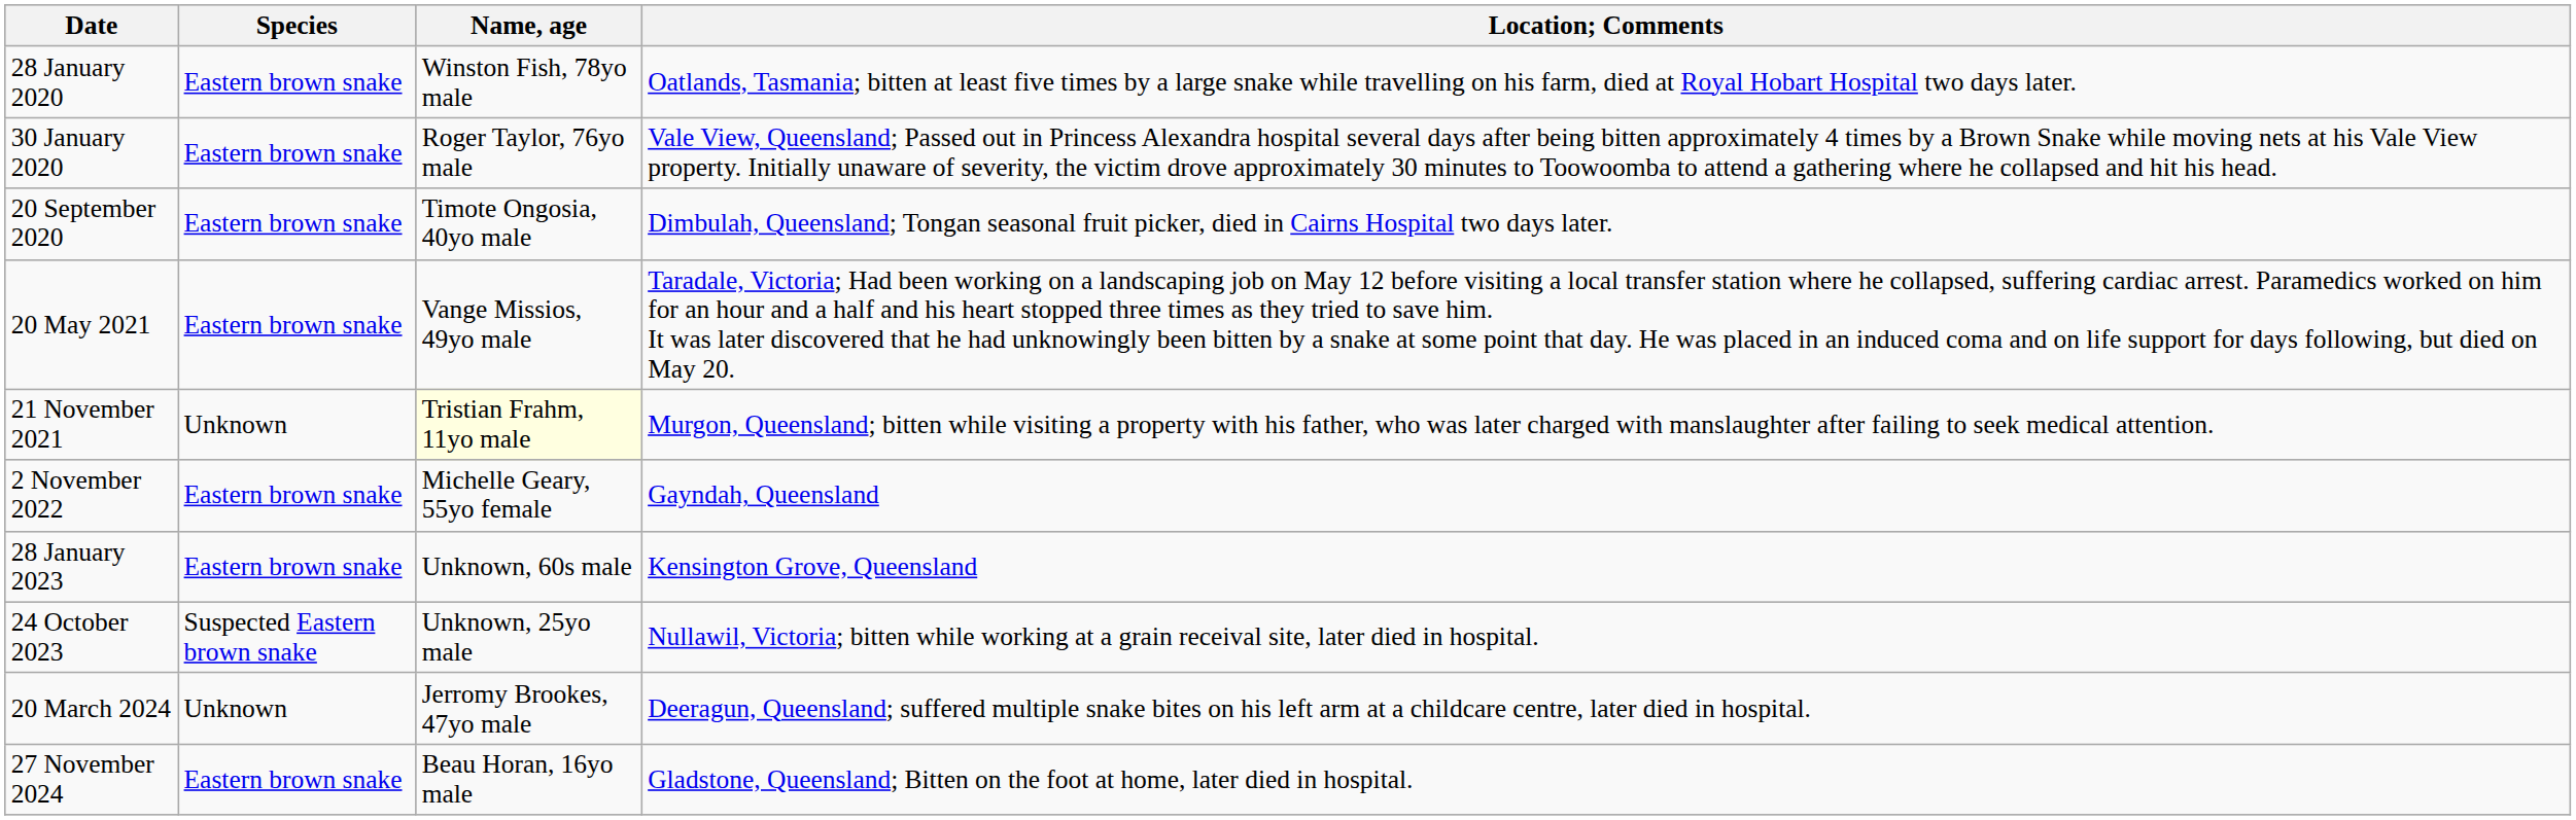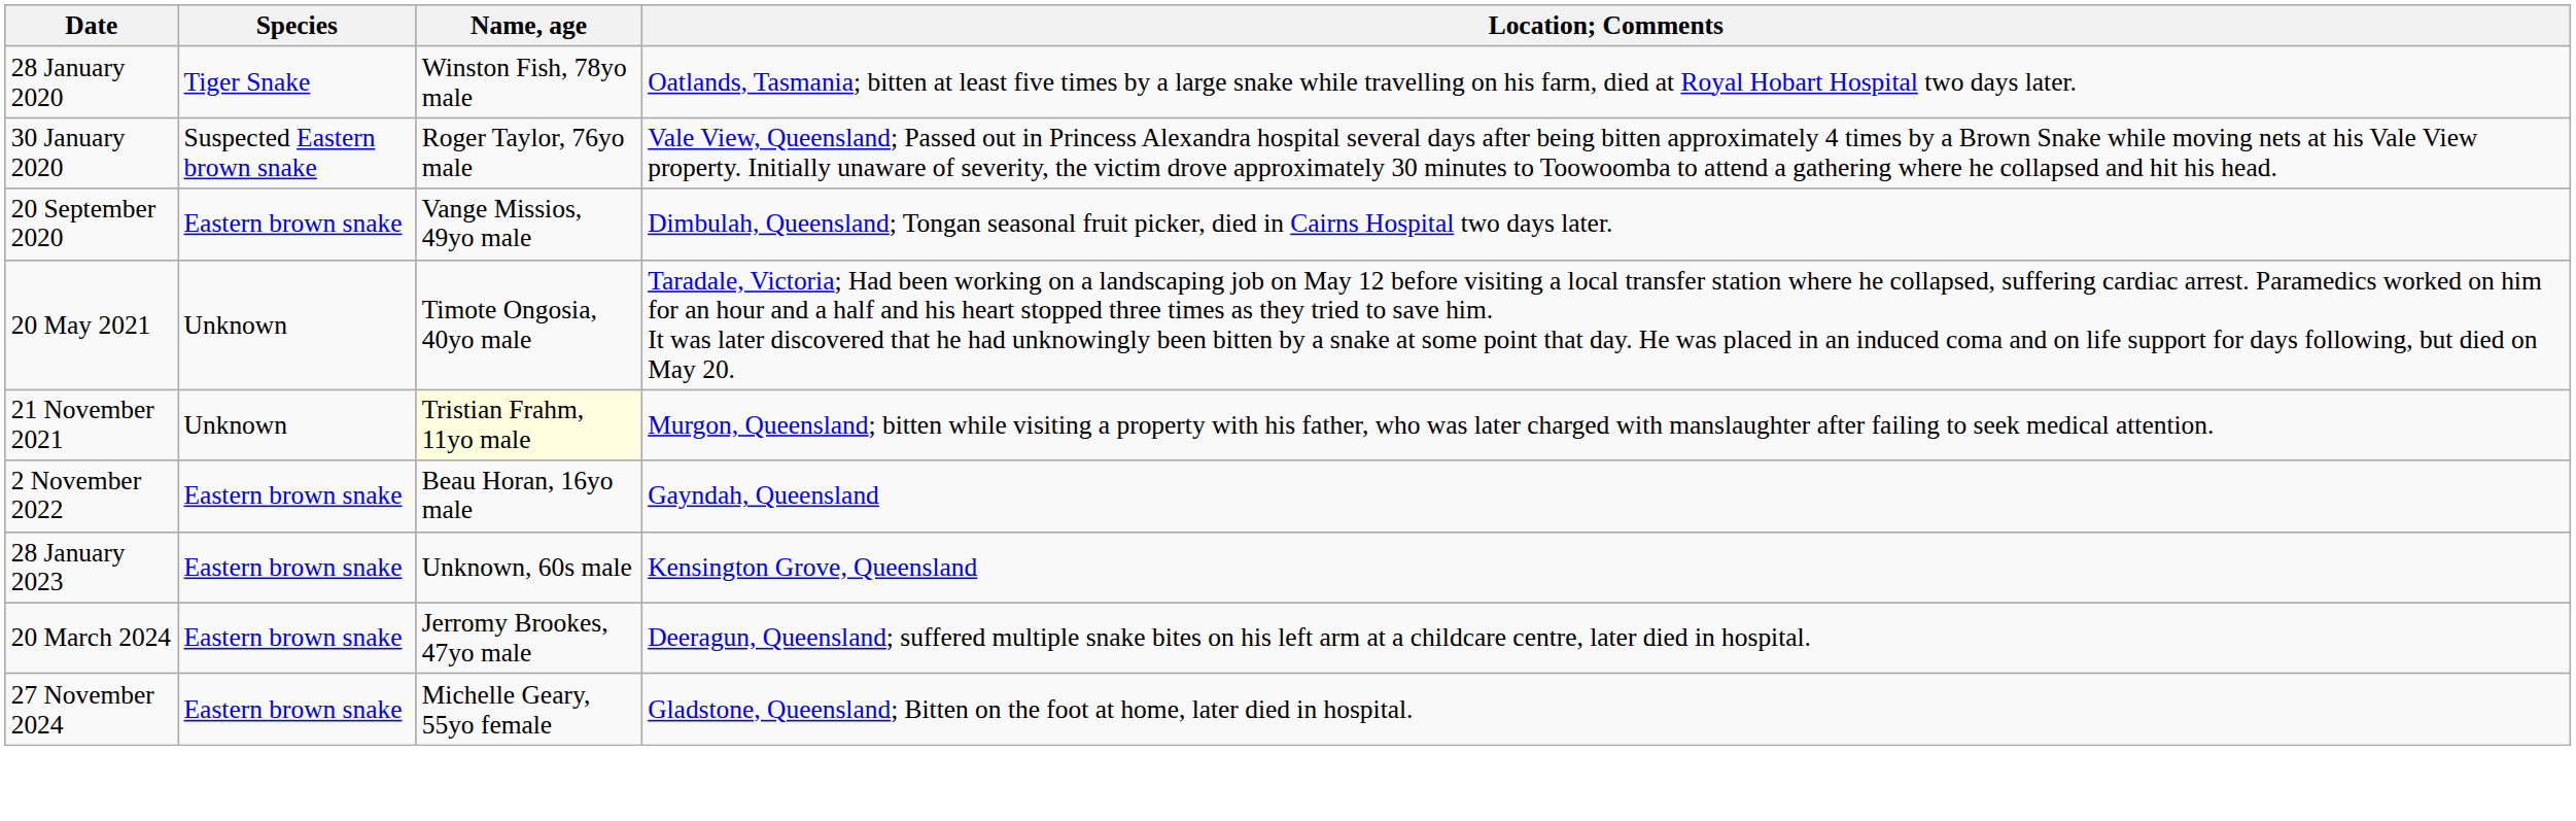 <table class="wikitable sortable">
 <tr>
 <th scope="col">Date</th>
 <th scope="col">Species</th>
 <th scope="col">Name, age</th>
 <th scope="col" class="unsortable">Location; Comments</th>
 </tr>
 <tr>
 <td date-sort-value="2020-01-28">28 January 2020</td>
-<td><a href='#'>Eastern brown snake</a></td>
+<td><a href='#'>Tiger Snake</a></td>
 <td data-sort-value="fish, winston">Winston Fish, 78yo male</td>
 <td><a href='#'>Oatlands, Tasmania</a>; bitten at least five times by a large snake while travelling on his farm, died at <a href='#'>Royal Hobart Hospital</a> two days later.</td>
 </tr>
 <tr>
 <td data-sort-value="2020-01-18">30 January 2020</td>
-<td><a href='#'>Eastern brown snake</a></td>
+<td>Suspected <a href='#'>Eastern brown snake</a></td>
 <td data-sort-value="taylor, roger">Roger Taylor, 76yo male</td>
 <td><a href='#'>Vale View, Queensland</a>;     Passed out  in Princess Alexandra hospital several days after being bitten approximately 4 times by a Brown Snake while moving  nets at his Vale View property.    Initially unaware of severity, the victim drove approximately 30 minutes to Toowoomba to attend a gathering where he collapsed and hit his head.</td>
 </tr>
 <tr>
 <td>20 September 2020</td>
 <td><a href='#'>Eastern brown snake</a></td>
-<td>Timote Ongosia, 40yo male</td>
+<td>Vange Missios, 49yo male</td>
 <td><a href='#'>Dimbulah, Queensland</a>; Tongan seasonal fruit picker, died in <a href='#'>Cairns Hospital</a> two days later.</td>
 </tr>
 <tr>
 <td>20 May 2021</td>
-<td><a href='#'>Eastern brown snake</a></td>
-<td>Vange Missios, 49yo male</td>
+<td>Unknown</td>
+<td>Timote Ongosia, 40yo male</td>
 <td><a href='#'>Taradale, Victoria</a>; Had been working on a landscaping job on May 12 before visiting a local transfer station where he collapsed, suffering cardiac arrest. Paramedics worked on him for an hour and a half and his heart stopped three times as they tried to save him.<br>It was later discovered that he had unknowingly been bitten by a snake at some point that day. He was placed in an induced coma and on life support for days following, but died on May 20.</td>
 </tr>
 <tr>
 <td>21 November 2021</td>
 <td>Unknown</td>
 <td style="background: lightyellow;">Tristian Frahm, 11yo male</td>
 <td><a href='#'>Murgon, Queensland</a>; bitten while visiting a property with his father, who was later charged with manslaughter after failing to seek medical attention.</td>
 </tr>
 <tr>
 <td>2 November 2022</td>
 <td><a href='#'>Eastern brown snake</a></td>
-<td>Michelle Geary, 55yo female</td>
+<td>Beau Horan, 16yo male</td>
 <td><a href='#'>Gayndah, Queensland</a></td>
 </tr>
 <tr>
 <td>28 January 2023</td>
 <td><a href='#'>Eastern brown snake</a></td>
 <td>Unknown, 60s male</td>
 <td><a href='#'>Kensington Grove, Queensland</a></td>
 </tr>
 <tr>
-<td>24 October 2023</td>
-<td>Suspected <a href='#'>Eastern brown snake</a></td>
-<td>Unknown, 25yo male</td>
-<td><a href='#'>Nullawil, Victoria</a>; bitten while working at a grain receival site, later died in hospital.</td>
-</tr>
-<tr>
 <td>20 March 2024</td>
-<td>Unknown</td>
+<td><a href='#'>Eastern brown snake</a></td>
 <td>Jerromy Brookes, 47yo male</td>
 <td><a href='#'>Deeragun, Queensland</a>; suffered multiple snake bites on his left arm at a childcare centre, later died in hospital.</td>
 </tr>
 <tr>
 <td>27 November 2024</td>
 <td><a href='#'>Eastern brown snake</a></td>
-<td>Beau Horan, 16yo male</td>
+<td>Michelle Geary, 55yo female</td>
 <td><a href='#'>Gladstone, Queensland</a>; Bitten on the foot at home, later died in hospital.</td>
 </tr>
 </table>
